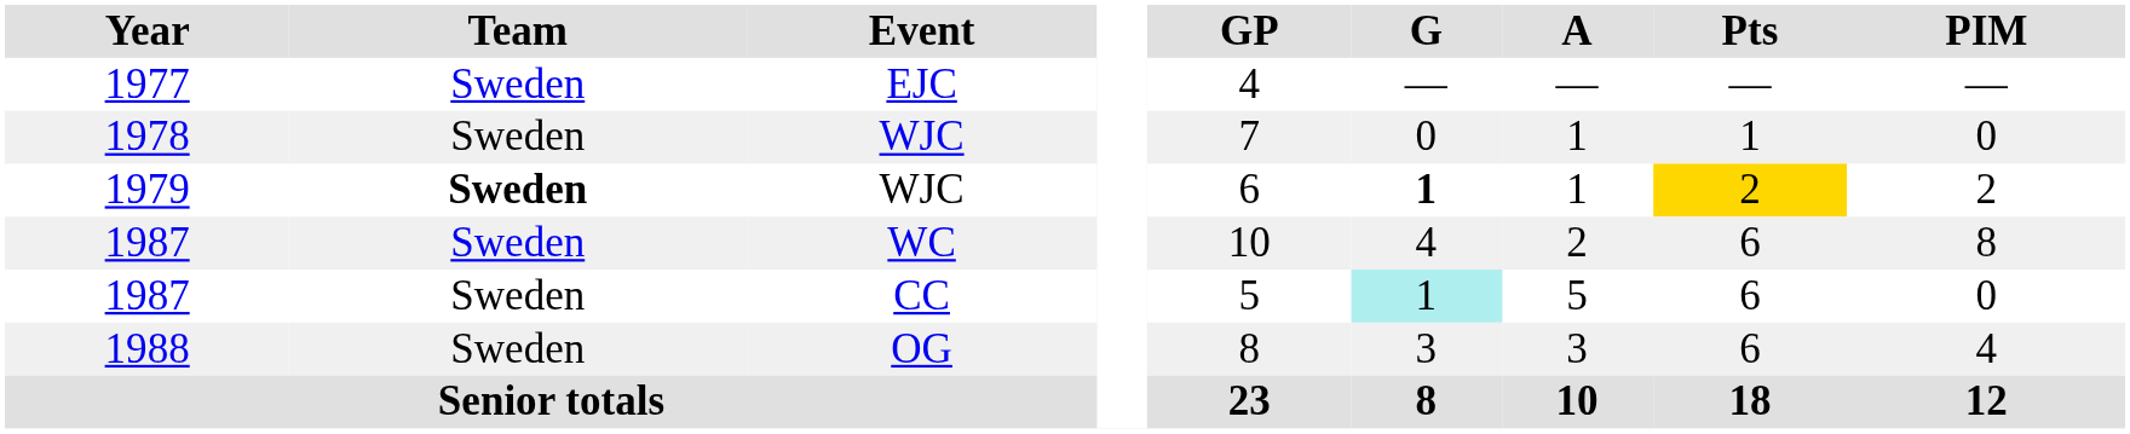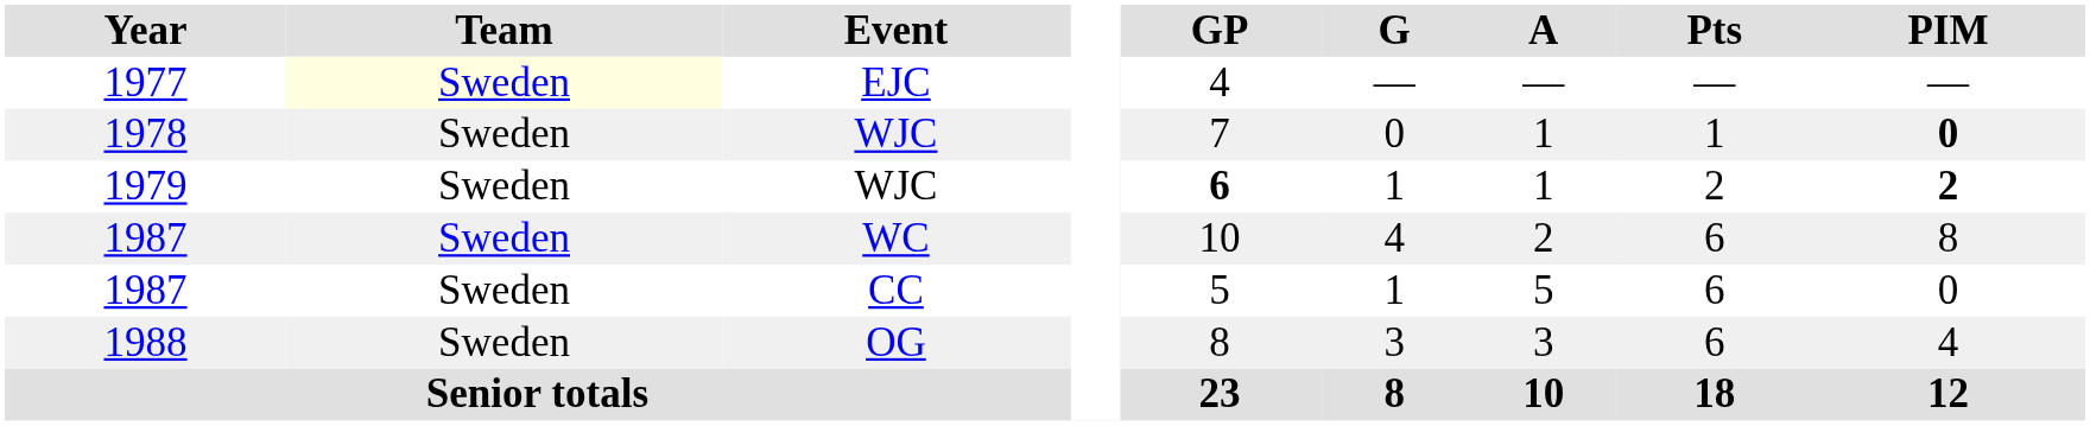 <table border="0" cellpadding="1" cellspacing="0" style="text-align:center; width:50em">
 <tr ALIGN="center" bgcolor="#e0e0e0">
 <th>Year</th>
 <th>Team</th>
 <th>Event</th>
 <th rowspan="99" bgcolor="#ffffff"> </th>
 <th>GP</th>
 <th>G</th>
 <th>A</th>
 <th>Pts</th>
 <th>PIM</th>
 </tr>
 <tr>
 <td><a href='#'>1977</a></td>
-<td><a href='#'>Sweden</a></td>
+<td style="background: lightyellow;"><a href='#'>Sweden</a></td>
 <td><a href='#'>EJC</a></td>
 <td>4</td>
 <td>—</td>
 <td>—</td>
 <td>—</td>
 <td>—</td>
 </tr>
 <tr bgcolor="#f0f0f0">
 <td><a href='#'>1978</a></td>
 <td>Sweden</td>
 <td><a href='#'>WJC</a></td>
 <td>7</td>
 <td>0</td>
 <td>1</td>
 <td>1</td>
-<td>0</td>
+<td><strong>0</strong></td>
 </tr>
 <tr>
 <td><a href='#'>1979</a></td>
-<td><strong>Sweden</strong></td>
+<td>Sweden</td>
 <td>WJC</td>
-<td>6</td>
-<td><strong>1</strong></td>
+<td><strong>6</strong></td>
 <td>1</td>
-<td style="background: gold;">2</td>
+<td>1</td>
 <td>2</td>
+<td><strong>2</strong></td>
 </tr>
 <tr bgcolor="#f0f0f0">
 <td><a href='#'>1987</a></td>
 <td><a href='#'>Sweden</a></td>
 <td><a href='#'>WC</a></td>
 <td>10</td>
 <td>4</td>
 <td>2</td>
 <td>6</td>
 <td>8</td>
 </tr>
 <tr>
 <td><a href='#'>1987</a></td>
 <td>Sweden</td>
 <td><a href='#'>CC</a></td>
 <td>5</td>
-<td style="background: paleturquoise;">1</td>
+<td>1</td>
 <td>5</td>
 <td>6</td>
 <td>0</td>
 </tr>
 <tr bgcolor="#f0f0f0">
 <td><a href='#'>1988</a></td>
 <td>Sweden</td>
 <td><a href='#'>OG</a></td>
 <td>8</td>
 <td>3</td>
 <td>3</td>
 <td>6</td>
 <td>4</td>
 </tr>
 <tr bgcolor="#e0e0e0">
 <th colspan=3>Senior totals</th>
 <th>23</th>
 <th>8</th>
 <th>10</th>
 <th>18</th>
 <th>12</th>
 </tr>
 </table>
